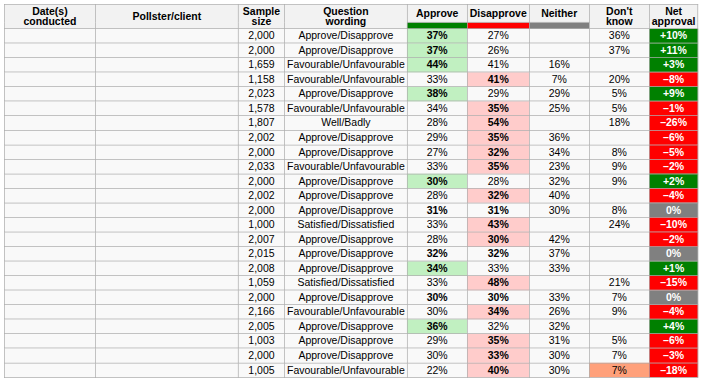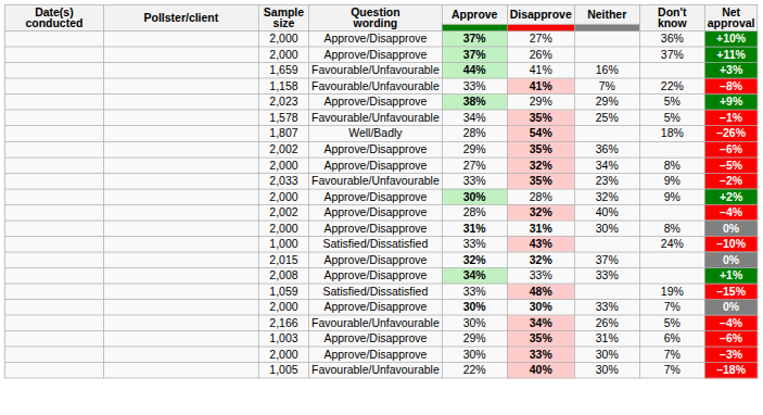 <table class="wikitable collapsible sortable mw-datatable" style="text-align:center;font-size:95%;line-height:14px;">
 <tr>
 <th style="width:125px;" rowspan="2">Date(s)<br>conducted</th>
 <th style="width:200px;" rowspan="2">Pollster/client</th>
 <th style="width:60px;" rowspan="2">Sample size</th>
 <th style="width:120px;" rowspan="2">Question<br>wording</th>
 <th class="unsortable" style="width:80px;">Approve</th>
 <th class="unsortable" style="width: 80px;">Disapprove</th>
 <th class="unsortable" style="width:80px;">Neither</th>
 <th class="unsortable" style="width:80px;" rowspan="2">Don't know</th>
 <th class="unsortable" style="width:20px;" rowspan="2">Net approval</th>
 </tr>
 <tr>
 <th class="unsortable" style="color:inherit;background:green;width:60px;"></th>
 <th class="unsortable" style="color:inherit;background:red;width:60px;"></th>
 <th class="unsortable" style="background:grey;width:60px;"></th>
 </tr>
 <tr>
 <td></td>
 <td></td>
 <td>2,000</td>
 <td>Approve/Disapprove</td>
 <td style="background:#C1F0C1"><strong>37%</strong></td>
 <td>27%</td>
 <td></td>
 <td>36%</td>
 <td style="background:green;color:white;"><strong>+10%</strong></td>
 </tr>
 <tr>
 <td></td>
 <td></td>
 <td>2,000</td>
 <td>Approve/Disapprove</td>
 <td style="background:#C1F0C1"><strong>37%</strong></td>
 <td>26%</td>
 <td></td>
 <td>37%</td>
 <td style="background:green;color:white;"><strong>+11%</strong></td>
 </tr>
 <tr>
 <td></td>
 <td></td>
 <td>1,659</td>
 <td>Favourable/Unfavourable</td>
 <td style="background:#C1F0C1"><strong>44%</strong></td>
 <td>41%</td>
 <td>16%</td>
 <td></td>
 <td style="background:green;color:white"><strong>+3%</strong></td>
 </tr>
 <tr>
 <td></td>
 <td></td>
 <td>1,158</td>
 <td>Favourable/Unfavourable</td>
 <td>33%</td>
 <td style="background:#ffcccb"><strong>41%</strong></td>
 <td>7%</td>
-<td>20%</td>
+<td>22%</td>
 <td style="background:red;color:white"><strong>–8%</strong></td>
 </tr>
 <tr>
 <td></td>
 <td></td>
 <td>2,023</td>
 <td>Approve/Disapprove</td>
 <td style="background:#C1F0C1"><strong>38%</strong></td>
 <td>29%</td>
 <td>29%</td>
 <td>5%</td>
 <td style="background:green;color:white;"><strong>+9%</strong></td>
 </tr>
 <tr>
 <td></td>
 <td></td>
 <td>1,578</td>
 <td>Favourable/Unfavourable</td>
 <td>34%</td>
 <td style="background:#ffcccb"><strong>35%</strong></td>
 <td>25%</td>
 <td>5%</td>
 <td style="background:red;color:white"><strong>–1%</strong></td>
 </tr>
 <tr>
 <td></td>
 <td></td>
 <td>1,807</td>
 <td>Well/Badly</td>
 <td>28%</td>
 <td style="background:#ffcccb"><strong>54%</strong></td>
 <td></td>
 <td>18%</td>
 <td style="background:red;color:white"><strong>–26%</strong></td>
 </tr>
 <tr>
 <td></td>
 <td></td>
 <td>2,002</td>
 <td>Approve/Disapprove</td>
 <td>29%</td>
 <td style="background:#ffcccb"><strong>35%</strong></td>
 <td>36%</td>
 <td></td>
 <td style="background:red;color:white;"><strong>–6%</strong></td>
 </tr>
 <tr>
 <td></td>
 <td></td>
 <td>2,000</td>
 <td>Approve/Disapprove</td>
 <td>27%</td>
 <td style="background:#ffcccb"><strong>32%</strong></td>
 <td>34%</td>
 <td>8%</td>
 <td style="background:red;color:white;"><strong>–5%</strong></td>
 </tr>
 <tr>
 <td></td>
 <td></td>
 <td>2,033</td>
 <td>Favourable/Unfavourable</td>
 <td>33%</td>
 <td style="background:#ffcccb"><strong>35%</strong></td>
 <td>23%</td>
 <td>9%</td>
 <td style="background:red;color:white;"><strong>–2%</strong></td>
 </tr>
 <tr>
 <td></td>
 <td></td>
 <td>2,000</td>
 <td>Approve/Disapprove</td>
 <td style="background:#C1F0C1"><strong>30%</strong></td>
 <td>28%</td>
 <td>32%</td>
 <td>9%</td>
 <td style="background:green;color:white;"><strong>+2%</strong></td>
 </tr>
 <tr>
 <td></td>
 <td></td>
 <td>2,002</td>
 <td>Approve/Disapprove</td>
 <td>28%</td>
 <td style="background:#ffcccb"><strong>32%</strong></td>
 <td>40%</td>
 <td></td>
 <td style="background:red;color:white;"><strong>–4%</strong></td>
 </tr>
 <tr>
 <td></td>
 <td></td>
 <td>2,000</td>
 <td>Approve/Disapprove</td>
 <td><strong>31%</strong></td>
 <td><strong>31%</strong></td>
 <td>30%</td>
 <td>8%</td>
 <td style="background:grey;color:white;"><strong>0%</strong></td>
 </tr>
 <tr>
 <td></td>
 <td></td>
 <td>1,000</td>
 <td>Satisfied/Dissatisfied</td>
 <td>33%</td>
 <td style="background:#ffcccb"><strong>43%</strong></td>
 <td></td>
 <td>24%</td>
 <td style="background:red;color:white;"><strong>–10%</strong></td>
 </tr>
 <tr>
 <td></td>
 <td></td>
-<td>2,007</td>
-<td>Approve/Disapprove</td>
-<td>28%</td>
-<td style="background:#ffcccb"><strong>30%</strong></td>
-<td>42%</td>
-<td></td>
-<td style="background:red;color:white;"><strong>–2%</strong></td>
-</tr>
-<tr>
-<td></td>
-<td></td>
 <td>2,015</td>
 <td>Approve/Disapprove</td>
 <td><strong>32%</strong></td>
 <td><strong>32%</strong></td>
 <td>37%</td>
 <td></td>
 <td style="background:grey;color:white;"><strong>0%</strong></td>
 </tr>
 <tr>
 <td></td>
 <td></td>
 <td>2,008</td>
 <td>Approve/Disapprove</td>
 <td style="background:#C1F0C1"><strong>34%</strong></td>
 <td>33%</td>
 <td>33%</td>
 <td></td>
 <td style="background:green;color:white;"><strong>+1%</strong></td>
 </tr>
 <tr>
 <td></td>
 <td></td>
 <td>1,059</td>
 <td>Satisfied/Dissatisfied</td>
 <td>33%</td>
 <td style="background:#ffcccb"><strong>48%</strong></td>
 <td></td>
-<td>21%</td>
+<td>19%</td>
 <td style="background:red;color:white;"><strong>–15%</strong></td>
 </tr>
 <tr>
 <td></td>
 <td></td>
 <td>2,000</td>
 <td>Approve/Disapprove</td>
 <td><strong>30%</strong></td>
 <td><strong>30%</strong></td>
 <td>33%</td>
 <td>7%</td>
 <td style="background:grey;color:white;"><strong>0%</strong></td>
 </tr>
 <tr>
 <td></td>
 <td></td>
 <td>2,166</td>
 <td>Favourable/Unfavourable</td>
 <td>30%</td>
 <td style="background:#ffcccb"><strong>34%</strong></td>
 <td>26%</td>
-<td>9%</td>
+<td>5%</td>
 <td style="background:red;color:white;"><strong>–4%</strong></td>
-</tr>
-<tr>
-<td></td>
-<td></td>
-<td>2,005</td>
-<td>Approve/Disapprove</td>
-<td style="background:#C1F0C1"><strong>36%</strong></td>
-<td>32%</td>
-<td>32%</td>
-<td></td>
-<td style="background:green;color:white;"><strong>+4%</strong></td>
 </tr>
 <tr>
 <td></td>
 <td></td>
 <td>1,003</td>
 <td>Approve/Disapprove</td>
 <td>29%</td>
 <td style="background:#ffcccb"><strong>35%</strong></td>
 <td>31%</td>
-<td>5%</td>
+<td>6%</td>
 <td style="background:red;color:white"><strong>–6%</strong></td>
 </tr>
 <tr>
 <td></td>
 <td></td>
 <td>2,000</td>
 <td>Approve/Disapprove</td>
 <td>30%</td>
 <td style="background:#ffcccb"><strong>33%</strong></td>
 <td>30%</td>
 <td>7%</td>
 <td style="background:red;color:white;"><strong>–3%</strong></td>
 </tr>
 <tr>
 <td></td>
 <td></td>
 <td>1,005</td>
 <td>Favourable/Unfavourable</td>
 <td>22%</td>
 <td style="background:#ffcccb"><strong>40%</strong></td>
 <td>30%</td>
-<td style="background: lightsalmon;">7%</td>
+<td>7%</td>
 <td style="background:red;color:white;"><strong>–18%</strong></td>
 </tr>
 </table>
